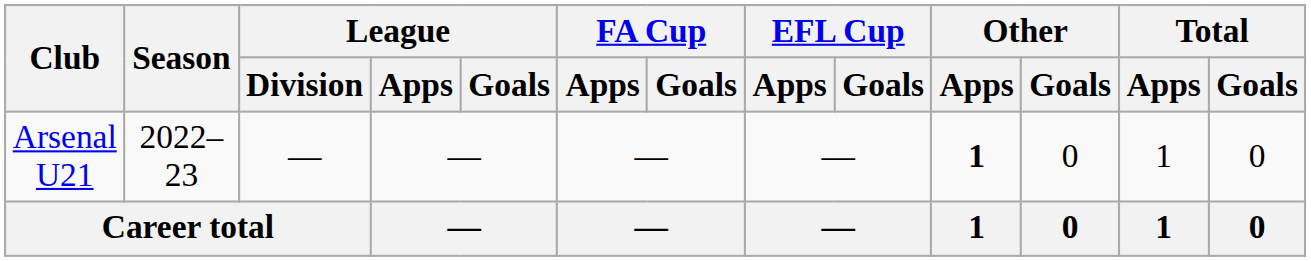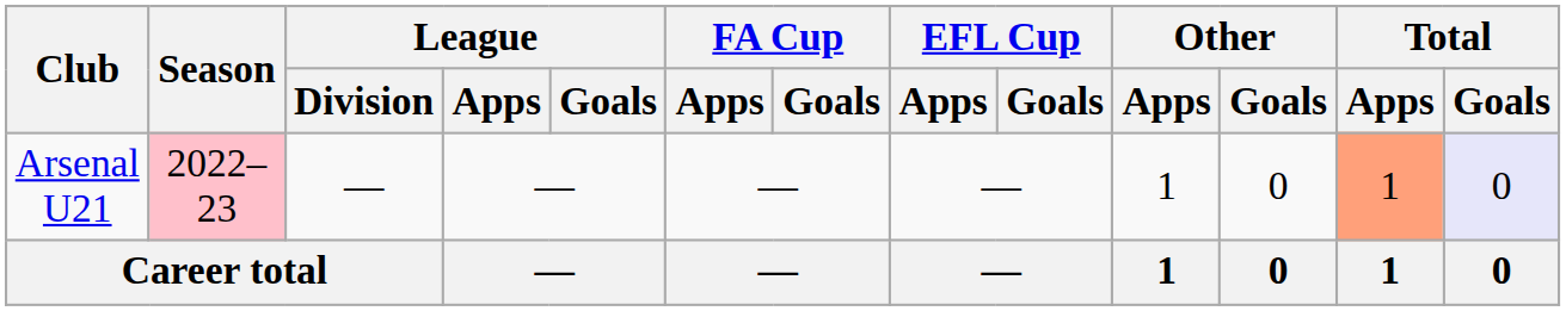 <table class="wikitable" style="text-align: center;">
 <tr>
 <th rowspan="2">Club</th>
 <th rowspan="2">Season</th>
 <th colspan="3">League</th>
 <th colspan="2"><a href='#'>FA Cup</a></th>
 <th colspan="2"><a href='#'>EFL Cup</a></th>
 <th colspan="2">Other</th>
 <th colspan="2">Total</th>
 </tr>
 <tr>
 <th>Division</th>
 <th>Apps</th>
 <th>Goals</th>
 <th>Apps</th>
 <th>Goals</th>
 <th>Apps</th>
 <th>Goals</th>
 <th>Apps</th>
 <th>Goals</th>
 <th>Apps</th>
 <th>Goals</th>
 </tr>
 <tr>
 <td><a href='#'>Arsenal U21</a></td>
-<td>2022–23</td>
+<td style="background: pink;">2022–23</td>
 <td>—</td>
 <td colspan="2">—</td>
 <td colspan="2">—</td>
 <td colspan="2">—</td>
-<td><strong>1</strong></td>
-<td>0</td>
 <td>1</td>
 <td>0</td>
+<td style="background: lightsalmon;">1</td>
+<td style="background: lavender;">0</td>
 </tr>
 <tr>
 <th colspan="3">Career total</th>
 <th colspan="2">—</th>
 <th colspan="2">—</th>
 <th colspan="2">—</th>
 <th>1</th>
 <th>0</th>
 <th>1</th>
 <th>0</th>
 </tr>
 </table>
